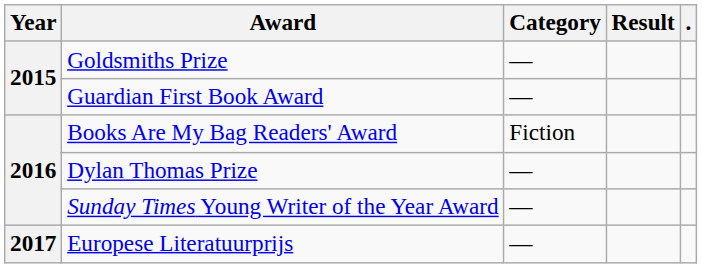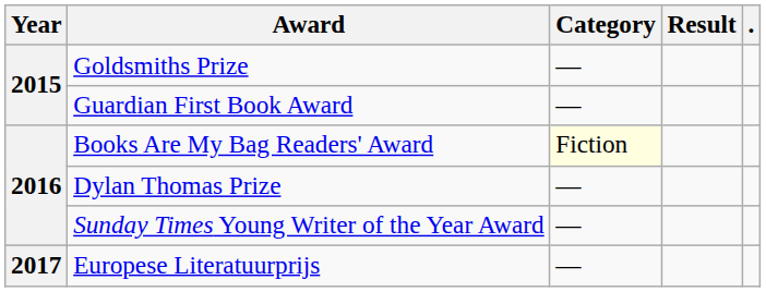 <table class="wikitable sortable">
 <tr>
 <th>Year</th>
 <th>Award</th>
 <th>Category</th>
 <th>Result</th>
 <th>.</th>
 </tr>
 <tr>
 <th rowspan="2">2015</th>
 <td><a href='#'>Goldsmiths Prize</a></td>
 <td>—</td>
 <td></td>
 <td></td>
 </tr>
 <tr>
 <td><a href='#'>Guardian First Book Award</a></td>
 <td>—</td>
 <td></td>
 <td></td>
 </tr>
 <tr>
 <th rowspan="3">2016</th>
 <td><a href='#'>Books Are My Bag Readers' Award</a></td>
-<td>Fiction</td>
+<td style="background: lightyellow;">Fiction</td>
 <td></td>
 <td></td>
 </tr>
 <tr>
 <td><a href='#'>Dylan Thomas Prize</a></td>
 <td>—</td>
 <td></td>
 <td></td>
 </tr>
 <tr>
 <td><a href='#'><em>Sunday Times</em> Young Writer of the Year Award</a></td>
 <td>—</td>
 <td></td>
 <td></td>
 </tr>
 <tr>
 <th>2017</th>
 <td><a href='#'>Europese Literatuurprijs</a></td>
 <td>—</td>
 <td></td>
 <td></td>
 </tr>
 </table>
